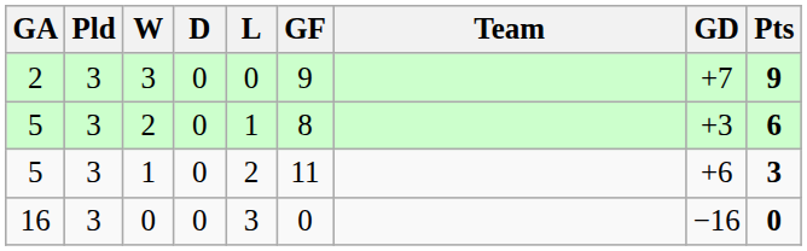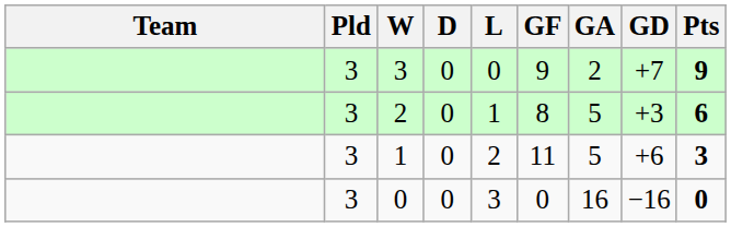 <table class="wikitable" style="text-align:center;">
 <tr>
-<th width=20>GA</th>
+<th width=180>Team</th>
 <th width=20>Pld</th>
 <th width=20>W</th>
 <th width=20>D</th>
 <th width=20>L</th>
 <th width=20>GF</th>
-<th width=180>Team</th>
+<th width=20>GA</th>
 <th width=20>GD</th>
 <th width=20>Pts</th>
 </tr>
 <tr bgcolor=ccffcc>
-<td>2</td>
+<td align="left"></td>
 <td>3</td>
 <td>3</td>
 <td>0</td>
 <td>0</td>
 <td>9</td>
-<td align="left"></td>
+<td>2</td>
 <td>+7</td>
 <td><strong>9</strong></td>
 </tr>
 <tr bgcolor=ccffcc>
-<td>5</td>
+<td align="left"><em></em></td>
 <td>3</td>
 <td>2</td>
 <td>0</td>
 <td>1</td>
 <td>8</td>
-<td align="left"><em></em></td>
+<td>5</td>
 <td>+3</td>
 <td><strong>6</strong></td>
 </tr>
 <tr>
-<td>5</td>
+<td align="left"></td>
 <td>3</td>
 <td>1</td>
 <td>0</td>
 <td>2</td>
 <td>11</td>
-<td align="left"></td>
+<td>5</td>
 <td>+6</td>
 <td><strong>3</strong></td>
 </tr>
 <tr>
-<td>16</td>
+<td align="left"></td>
 <td>3</td>
 <td>0</td>
 <td>0</td>
 <td>3</td>
 <td>0</td>
-<td align="left"></td>
+<td>16</td>
 <td>−16</td>
 <td><strong>0</strong></td>
 </tr>
 </table>
